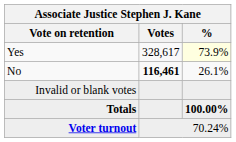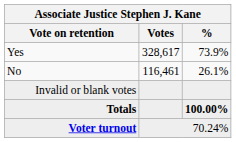 <table class="wikitable" style="font-size: 95%;">
 <tr style="background-color:#E9E9E9">
 <th colspan=7>Associate Justice Stephen J. Kane</th>
 </tr>
 <tr style="background-color:#E9E9E9">
 <th style="width: 170px">Vote on retention</th>
 <th style="width: 50px">Votes</th>
 <th style="width: 40px">%</th>
 </tr>
 <tr>
 <td>Yes</td>
 <td align="right">328,617</td>
-<td align="right" style="background: lightyellow;">73.9%</td>
+<td align="right">73.9%</td>
 </tr>
 <tr>
 <td>No</td>
-<td align="right"><strong>116,461</strong></td>
+<td align="right">116,461</td>
 <td align="right">26.1%</td>
 </tr>
 <tr bgcolor="#EEEEEE">
 <td align="right">Invalid or blank votes</td>
 <td align="right"></td>
 <td align="right"></td>
 </tr>
 <tr bgcolor="#EEEEEE">
 <td align="right"><strong>Totals</strong></td>
 <td align="right"><strong></strong></td>
 <td align="right"><strong>100.00%</strong></td>
 </tr>
 <tr bgcolor="#EEEEEE">
 <td align="right"><strong><a href='#'>Voter turnout</a></strong></td>
 <td colspan="2" align="right">70.24%</td>
 </tr>
 </table>
